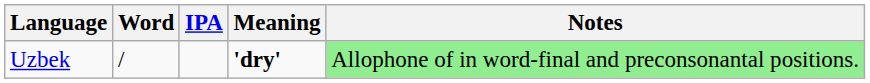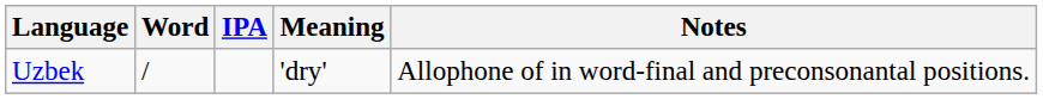 <table class="wikitable">
 <tr>
 <th colspan="2">Language</th>
 <th>Word</th>
 <th><a href='#'>IPA</a></th>
 <th>Meaning</th>
 <th>Notes</th>
 </tr>
 <tr>
 <td colspan="2"><a href='#'>Uzbek</a></td>
 <td> / </td>
 <td></td>
-<td><strong>'dry'</strong></td>
-<td style="background: lightgreen;">Allophone of  in word-final and preconsonantal positions.</td>
+<td>'dry'</td>
+<td>Allophone of  in word-final and preconsonantal positions.</td>
 </tr>
 </table>
